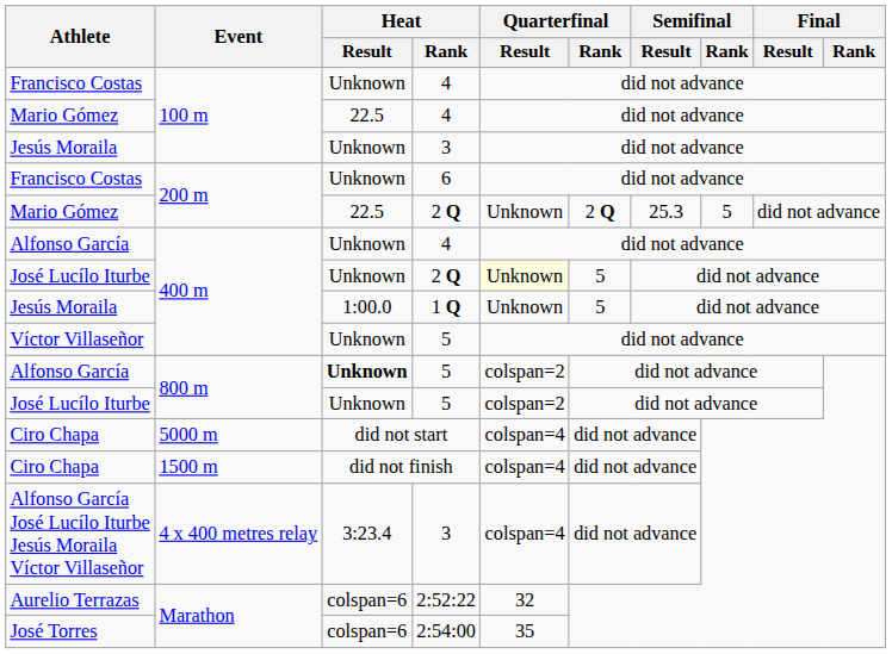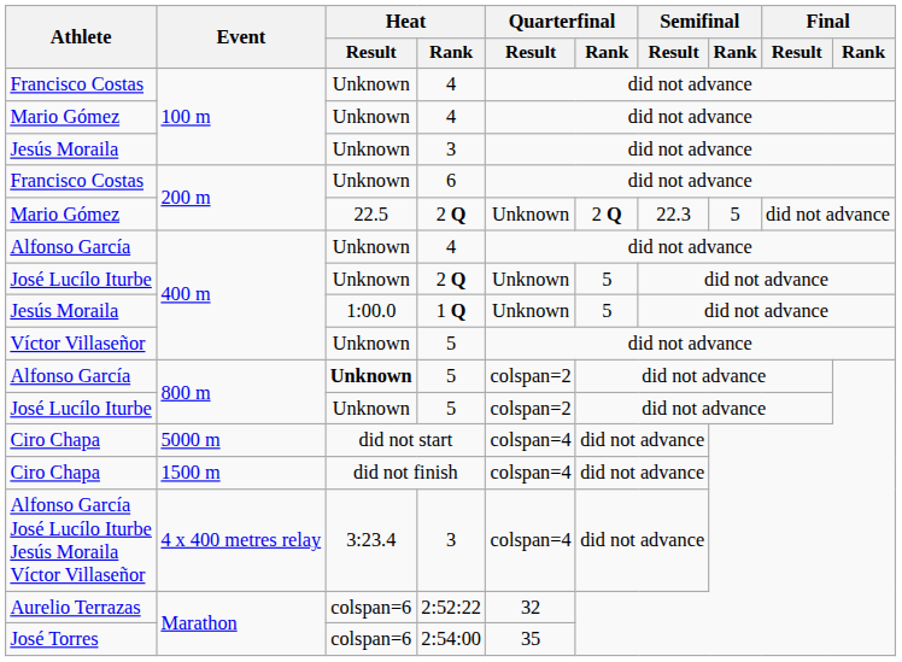 <table class="wikitable" style="font-size:90%">
 <tr>
 <th rowspan="2">Athlete</th>
 <th rowspan="2">Event</th>
 <th colspan="2">Heat</th>
 <th colspan="2">Quarterfinal</th>
 <th colspan="2">Semifinal</th>
 <th colspan="2">Final</th>
 </tr>
 <tr style="font-size:95%">
 <th>Result</th>
 <th>Rank</th>
 <th>Result</th>
 <th>Rank</th>
 <th>Result</th>
 <th>Rank</th>
 <th>Result</th>
 <th>Rank</th>
 </tr>
 <tr align=center>
 <td align=left><a href='#'>Francisco Costas</a></td>
 <td align=left rowspan=3><a href='#'>100 m</a></td>
 <td>Unknown</td>
 <td>4</td>
 <td colspan=6>did not advance</td>
 </tr>
 <tr align=center>
 <td align=left><a href='#'>Mario Gómez</a></td>
-<td>22.5</td>
+<td>Unknown</td>
 <td>4</td>
 <td colspan=6>did not advance</td>
 </tr>
 <tr align=center>
 <td align=left><a href='#'>Jesús Moraila</a></td>
 <td>Unknown</td>
 <td>3</td>
 <td colspan=6>did not advance</td>
 </tr>
 <tr align=center>
 <td align=left><a href='#'>Francisco Costas</a></td>
 <td align=left rowspan=2><a href='#'>200 m</a></td>
 <td>Unknown</td>
 <td>6</td>
 <td colspan=6>did not advance</td>
 </tr>
 <tr align=center>
 <td align=left><a href='#'>Mario Gómez</a></td>
 <td>22.5</td>
 <td>2 <strong>Q</strong></td>
 <td>Unknown</td>
 <td>2 <strong>Q</strong></td>
-<td>25.3</td>
+<td>22.3</td>
 <td>5</td>
 <td colspan=2>did not advance</td>
 </tr>
 <tr align=center>
 <td align=left><a href='#'>Alfonso García</a></td>
 <td align=left rowspan=4><a href='#'>400 m</a></td>
 <td>Unknown</td>
 <td>4</td>
 <td colspan=6>did not advance</td>
 </tr>
 <tr align=center>
 <td align=left><a href='#'>José Lucílo Iturbe</a></td>
 <td>Unknown</td>
 <td>2 <strong>Q</strong></td>
-<td style="background: lightyellow;">Unknown</td>
+<td>Unknown</td>
 <td>5</td>
 <td colspan=4>did not advance</td>
 </tr>
 <tr align=center>
 <td align=left><a href='#'>Jesús Moraila</a></td>
 <td>1:00.0</td>
 <td>1 <strong>Q</strong></td>
 <td>Unknown</td>
 <td>5</td>
 <td colspan=4>did not advance</td>
 </tr>
 <tr align=center>
 <td align=left><a href='#'>Víctor Villaseñor</a></td>
 <td>Unknown</td>
 <td>5</td>
 <td colspan=6>did not advance</td>
 </tr>
 <tr align=center>
 <td align=left><a href='#'>Alfonso García</a></td>
 <td align=left rowspan=2><a href='#'>800 m</a></td>
 <td><strong>Unknown</strong></td>
 <td>5</td>
 <td>colspan=2 </td>
 <td colspan=4>did not advance</td>
 </tr>
 <tr align=center>
 <td align=left><a href='#'>José Lucílo Iturbe</a></td>
 <td>Unknown</td>
 <td>5</td>
 <td>colspan=2 </td>
 <td colspan=4>did not advance</td>
 </tr>
 <tr align=center>
 <td align=left><a href='#'>Ciro Chapa</a></td>
 <td align=left><a href='#'>5000 m</a></td>
 <td colspan=2>did not start</td>
 <td>colspan=4 </td>
 <td colspan=2>did not advance</td>
 </tr>
 <tr align=center>
 <td align=left><a href='#'>Ciro Chapa</a></td>
 <td align=left><a href='#'>1500 m</a></td>
 <td colspan=2>did not finish</td>
 <td>colspan=4 </td>
 <td colspan=2>did not advance</td>
 </tr>
 <tr align=center>
 <td align=left><a href='#'>Alfonso García</a><br><a href='#'>José Lucílo Iturbe</a><br><a href='#'>Jesús Moraila</a><br><a href='#'>Víctor Villaseñor</a></td>
 <td align=left><a href='#'>4 x 400 metres relay</a></td>
 <td>3:23.4</td>
 <td>3</td>
 <td>colspan=4 </td>
 <td colspan=2>did not advance</td>
 </tr>
 <tr align=center>
 <td align=left><a href='#'>Aurelio Terrazas</a></td>
 <td align=left rowspan=2><a href='#'>Marathon</a></td>
 <td>colspan=6 </td>
 <td>2:52:22</td>
 <td>32</td>
 </tr>
 <tr align=center>
 <td align=left><a href='#'>José Torres</a></td>
 <td>colspan=6 </td>
 <td>2:54:00</td>
 <td>35</td>
 </tr>
 </table>
